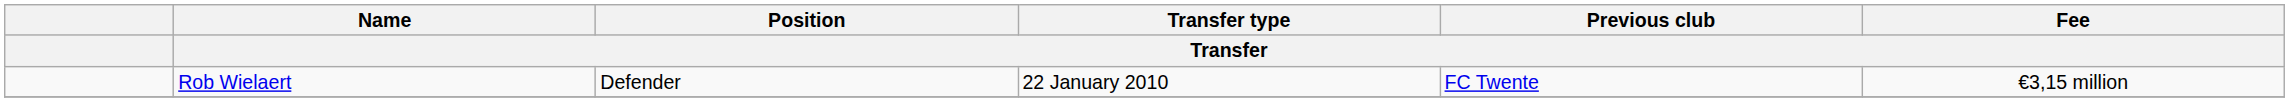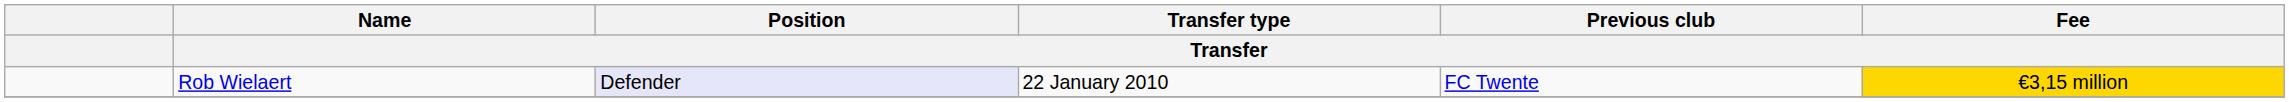 <table class="wikitable" style="width:100%; font-size:85%;">
 <tr>
 <th width="2%"></th>
 <th width="5%">Name</th>
 <th width="5%">Position</th>
 <th width="5%">Transfer type</th>
 <th width="5%">Previous club</th>
 <th width="5%">Fee</th>
 </tr>
 <tr>
 <th></th>
 <th colspan="5" align="center">Transfer</th>
 </tr>
 <tr>
 <td align=center></td>
 <td align=left> <a href='#'>Rob Wielaert</a></td>
-<td align=left>Defender</td>
+<td align=left style="background: lavender;">Defender</td>
 <td align=left>22 January 2010</td>
 <td align=left> <a href='#'>FC Twente</a></td>
-<td align=center>€3,15 million</td>
+<td align=center style="background: gold;">€3,15 million</td>
 </tr>
 <tr>
 </tr>
 </table>
